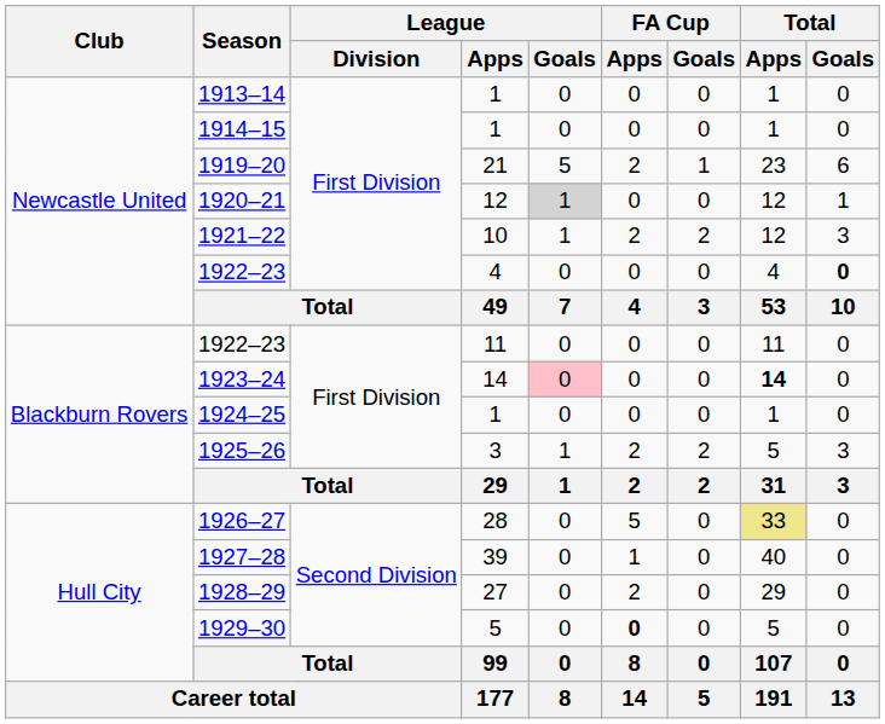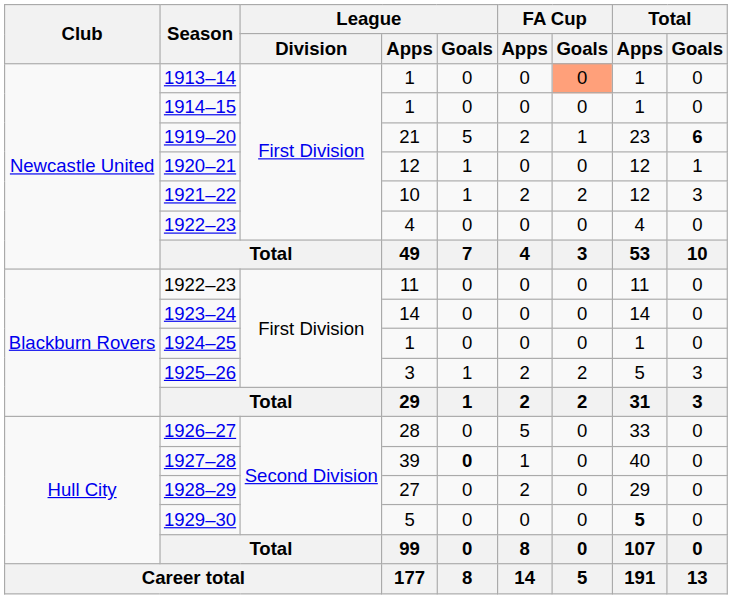 <table class="wikitable" style="text-align: center;">
 <tr>
 <th rowspan="2">Club</th>
 <th rowspan="2">Season</th>
 <th colspan="3">League</th>
 <th colspan="2">FA Cup</th>
 <th colspan="2">Total</th>
 </tr>
 <tr>
 <th>Division</th>
 <th>Apps</th>
 <th>Goals</th>
 <th>Apps</th>
 <th>Goals</th>
 <th>Apps</th>
 <th>Goals</th>
 </tr>
 <tr>
 <td rowspan="7"><a href='#'>Newcastle United</a></td>
 <td><a href='#'>1913–14</a></td>
 <td rowspan="6"><a href='#'>First Division</a></td>
 <td>1</td>
 <td>0</td>
 <td>0</td>
-<td>0</td>
+<td style="background: lightsalmon;">0</td>
 <td>1</td>
 <td>0</td>
 </tr>
 <tr>
 <td><a href='#'>1914–15</a></td>
 <td>1</td>
 <td>0</td>
 <td>0</td>
 <td>0</td>
 <td>1</td>
 <td>0</td>
 </tr>
 <tr>
 <td><a href='#'>1919–20</a></td>
 <td>21</td>
 <td>5</td>
 <td>2</td>
 <td>1</td>
 <td>23</td>
-<td>6</td>
+<td><strong>6</strong></td>
 </tr>
 <tr>
 <td><a href='#'>1920–21</a></td>
 <td>12</td>
-<td style="background: lightgrey;">1</td>
+<td>1</td>
 <td>0</td>
 <td>0</td>
 <td>12</td>
 <td>1</td>
 </tr>
 <tr>
 <td><a href='#'>1921–22</a></td>
 <td>10</td>
 <td>1</td>
 <td>2</td>
 <td>2</td>
 <td>12</td>
 <td>3</td>
 </tr>
 <tr>
 <td><a href='#'>1922–23</a></td>
 <td>4</td>
 <td>0</td>
 <td>0</td>
 <td>0</td>
 <td>4</td>
-<td><strong>0</strong></td>
+<td>0</td>
 </tr>
 <tr>
 <th colspan="2">Total</th>
 <th>49</th>
 <th>7</th>
 <th>4</th>
 <th>3</th>
 <th>53</th>
 <th>10</th>
 </tr>
 <tr>
 <td rowspan="5"><a href='#'>Blackburn Rovers</a></td>
 <td>1922–23</td>
 <td rowspan="4">First Division</td>
 <td>11</td>
 <td>0</td>
 <td>0</td>
 <td>0</td>
 <td>11</td>
 <td>0</td>
 </tr>
 <tr>
 <td><a href='#'>1923–24</a></td>
 <td>14</td>
-<td style="background: pink;">0</td>
 <td>0</td>
 <td>0</td>
-<td><strong>14</strong></td>
+<td>0</td>
+<td>14</td>
 <td>0</td>
 </tr>
 <tr>
 <td><a href='#'>1924–25</a></td>
 <td>1</td>
 <td>0</td>
 <td>0</td>
 <td>0</td>
 <td>1</td>
 <td>0</td>
 </tr>
 <tr>
 <td><a href='#'>1925–26</a></td>
 <td>3</td>
 <td>1</td>
 <td>2</td>
 <td>2</td>
 <td>5</td>
 <td>3</td>
 </tr>
 <tr>
 <th colspan="2">Total</th>
 <th>29</th>
 <th>1</th>
 <th>2</th>
 <th>2</th>
 <th>31</th>
 <th>3</th>
 </tr>
 <tr>
 <td rowspan="5"><a href='#'>Hull City</a></td>
 <td><a href='#'>1926–27</a></td>
 <td rowspan="4"><a href='#'>Second Division</a></td>
 <td>28</td>
 <td>0</td>
 <td>5</td>
 <td>0</td>
-<td style="background: khaki;">33</td>
+<td>33</td>
 <td>0</td>
 </tr>
 <tr>
 <td><a href='#'>1927–28</a></td>
 <td>39</td>
-<td>0</td>
+<td><strong>0</strong></td>
 <td>1</td>
 <td>0</td>
 <td>40</td>
 <td>0</td>
 </tr>
 <tr>
 <td><a href='#'>1928–29</a></td>
 <td>27</td>
 <td>0</td>
 <td>2</td>
 <td>0</td>
 <td>29</td>
 <td>0</td>
 </tr>
 <tr>
 <td><a href='#'>1929–30</a></td>
 <td>5</td>
 <td>0</td>
-<td><strong>0</strong></td>
 <td>0</td>
-<td>5</td>
+<td>0</td>
+<td><strong>5</strong></td>
 <td>0</td>
 </tr>
 <tr>
 <th colspan="2">Total</th>
 <th>99</th>
 <th>0</th>
 <th>8</th>
 <th>0</th>
 <th>107</th>
 <th>0</th>
 </tr>
 <tr>
 <th colspan="3">Career total</th>
 <th>177</th>
 <th>8</th>
 <th>14</th>
 <th>5</th>
 <th>191</th>
 <th>13</th>
 </tr>
 </table>
